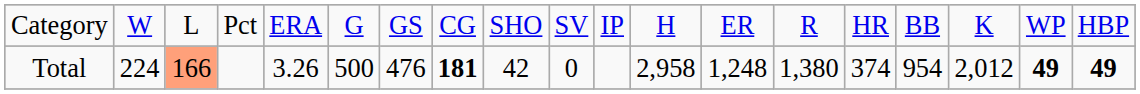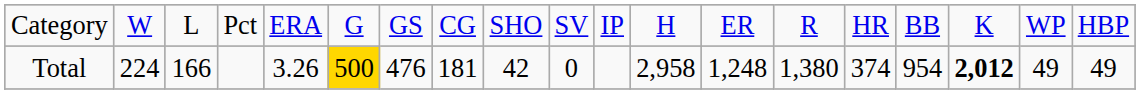 <table class=wikitable style="text-align:center">
 <tr>
 <td>Category</td>
 <td><a href='#'>W</a></td>
 <td>L</td>
 <td>Pct</td>
 <td><a href='#'>ERA</a></td>
 <td><a href='#'>G</a></td>
 <td><a href='#'>GS</a></td>
 <td><a href='#'>CG</a></td>
 <td><a href='#'>SHO</a></td>
 <td><a href='#'>SV</a></td>
 <td><a href='#'>IP</a></td>
 <td><a href='#'>H</a></td>
 <td><a href='#'>ER</a></td>
 <td><a href='#'>R</a></td>
 <td><a href='#'>HR</a></td>
 <td><a href='#'>BB</a></td>
 <td><a href='#'>K</a></td>
 <td><a href='#'>WP</a></td>
 <td><a href='#'>HBP</a></td>
 </tr>
 <tr>
 <td>Total</td>
 <td>224</td>
-<td style="background: lightsalmon;">166</td>
+<td>166</td>
 <td></td>
 <td>3.26</td>
-<td>500</td>
+<td style="background: gold;">500</td>
 <td>476</td>
-<td><strong>181</strong></td>
+<td>181</td>
 <td>42</td>
 <td>0</td>
 <td></td>
 <td>2,958</td>
 <td>1,248</td>
 <td>1,380</td>
 <td>374</td>
 <td>954</td>
-<td>2,012</td>
-<td><strong>49</strong></td>
-<td><strong>49</strong></td>
+<td><strong>2,012</strong></td>
+<td>49</td>
+<td>49</td>
 </tr>
 </table>
